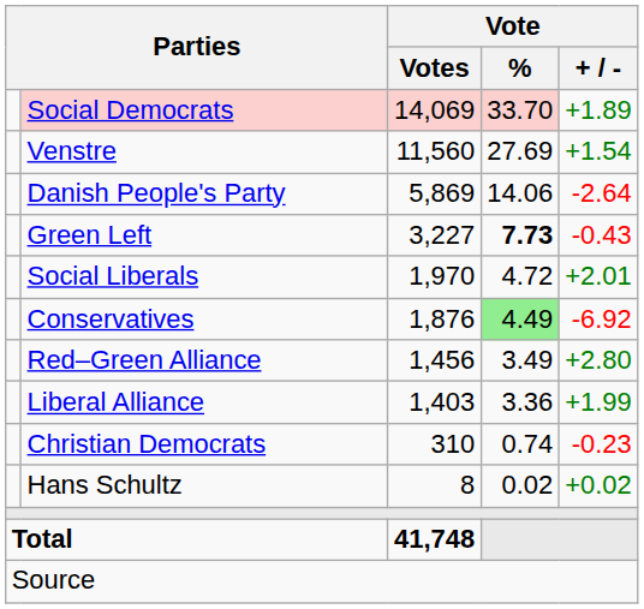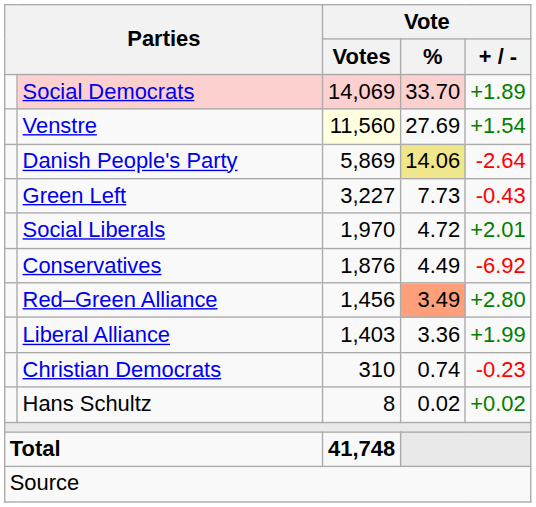 <table class="wikitable" style="text-align:right;">
 <tr>
 <th style="text-align:centre;" rowspan="2" colspan="2" width="225">Parties</th>
 <th colspan="3">Vote</th>
 </tr>
 <tr>
 <th width="15">Votes</th>
 <th width="15">%</th>
 <th width="15">+ / -</th>
 </tr>
 <tr>
 <td width="2" style="color:inherit;background:"></td>
 <td bgcolor=#fbd0ce  align="left"><a href='#'>Social Democrats</a></td>
 <td bgcolor=#fbd0ce>14,069</td>
 <td bgcolor=#fbd0ce>33.70</td>
 <td style=color:green;>+1.89</td>
 </tr>
 <tr>
 <td width="2" style="color:inherit;background:"></td>
 <td align="left"><a href='#'>Venstre</a></td>
-<td>11,560</td>
+<td style="background: lightyellow;">11,560</td>
 <td>27.69</td>
 <td style=color:green;>+1.54</td>
 </tr>
 <tr>
 <td width="2" style="color:inherit;background:"></td>
 <td align="left"><a href='#'>Danish People's Party</a></td>
 <td>5,869</td>
-<td>14.06</td>
+<td style="background: khaki;">14.06</td>
 <td style=color:red;>-2.64</td>
 </tr>
 <tr>
 <td width="2" style="color:inherit;background:"></td>
 <td align="left"><a href='#'>Green Left</a></td>
 <td>3,227</td>
-<td><strong>7.73</strong></td>
+<td>7.73</td>
 <td style=color:red;>-0.43</td>
 </tr>
 <tr>
 <td width="2" style="color:inherit;background:"></td>
 <td align="left"><a href='#'>Social Liberals</a></td>
 <td>1,970</td>
 <td>4.72</td>
 <td style=color:green;>+2.01</td>
 </tr>
 <tr>
 <td width="2" style="color:inherit;background:"></td>
 <td align="left"><a href='#'>Conservatives</a></td>
 <td>1,876</td>
-<td style="background: lightgreen;">4.49</td>
+<td>4.49</td>
 <td style=color:red;>-6.92</td>
 </tr>
 <tr>
 <td width="2" style="color:inherit;background:"></td>
 <td align="left"><a href='#'>Red–Green Alliance</a></td>
 <td>1,456</td>
-<td>3.49</td>
+<td style="background: lightsalmon;">3.49</td>
 <td style=color:green;>+2.80</td>
 </tr>
 <tr>
 <td width="2" style="color:inherit;background:"></td>
 <td align="left"><a href='#'>Liberal Alliance</a></td>
 <td>1,403</td>
 <td>3.36</td>
 <td style=color:green;>+1.99</td>
 </tr>
 <tr>
 <td width="2" style="color:inherit;background:"></td>
 <td align="left"><a href='#'>Christian Democrats</a></td>
 <td>310</td>
 <td>0.74</td>
 <td style=color:red;>-0.23</td>
 </tr>
 <tr>
 <td width="2" style="color:inherit;background:"></td>
 <td align="left">Hans Schultz</td>
 <td>8</td>
 <td>0.02</td>
 <td style=color:green;>+0.02</td>
 </tr>
 <tr>
 <td colspan="7" bgcolor="#E9E9E9"></td>
 </tr>
 <tr>
 <td align="left" colspan="2"><strong>Total</strong></td>
 <td><strong>41,748</strong></td>
 <td bgcolor="#E9E9E9" colspan="2"></td>
 </tr>
 <tr>
 <td align="left" colspan="6">Source</td>
 </tr>
 </table>
